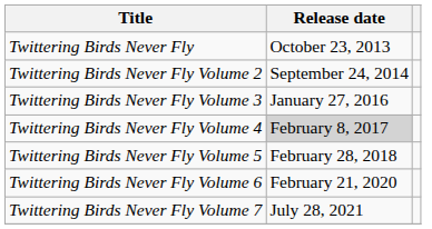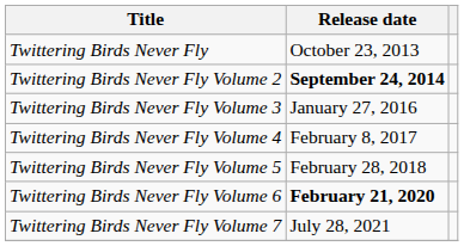 <table class="wikitable plainrowheaders" style="text-align:left;">
 <tr>
 <th scope="col">Title</th>
 <th scope="col">Release date</th>
 <th scope="col"></th>
 </tr>
 <tr>
 <td><em>Twittering Birds Never Fly</em></td>
 <td>October 23, 2013</td>
 <td></td>
 </tr>
 <tr>
 <td><em>Twittering Birds Never Fly Volume 2</em></td>
-<td>September 24, 2014</td>
+<td><strong>September 24, 2014</strong></td>
 <td></td>
 </tr>
 <tr>
 <td><em>Twittering Birds Never Fly Volume 3</em></td>
 <td>January 27, 2016</td>
 <td></td>
 </tr>
 <tr>
 <td><em>Twittering Birds Never Fly Volume 4</em></td>
-<td style="background: lightgrey;">February 8, 2017</td>
+<td>February 8, 2017</td>
 <td></td>
 </tr>
 <tr>
 <td><em>Twittering Birds Never Fly Volume 5</em></td>
 <td>February 28, 2018</td>
 <td></td>
 </tr>
 <tr>
 <td><em>Twittering Birds Never Fly Volume 6</em></td>
-<td>February 21, 2020</td>
+<td><strong>February 21, 2020</strong></td>
 <td></td>
 </tr>
 <tr>
 <td><em>Twittering Birds Never Fly Volume 7</em></td>
 <td>July 28, 2021</td>
 <td></td>
 </tr>
 <tr>
 </tr>
 </table>
